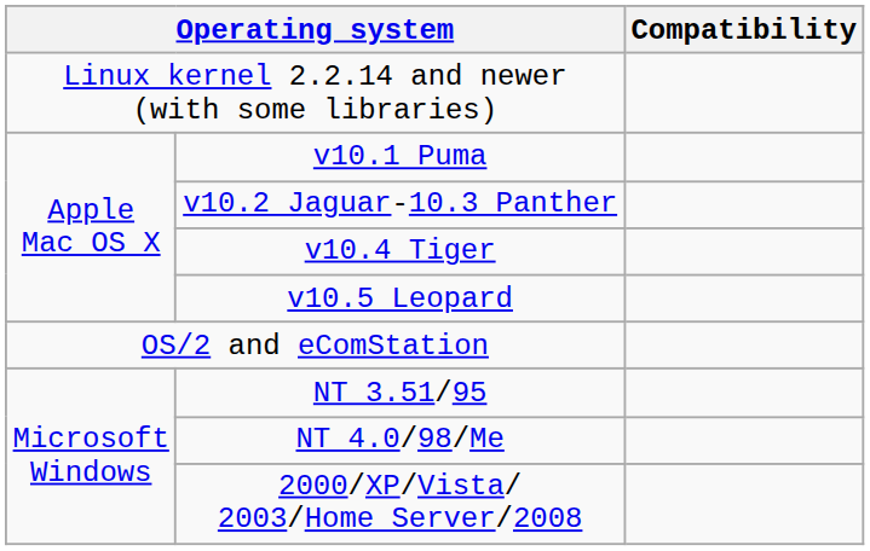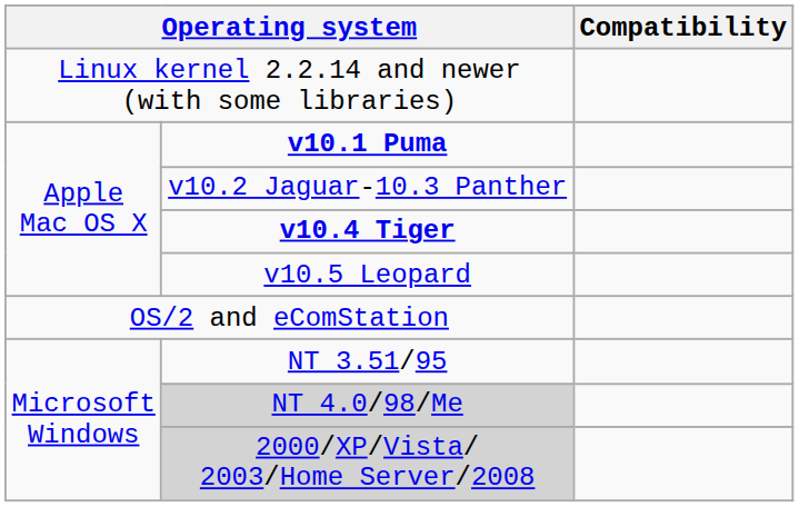 <table class ="wikitable" style="text-align:center">
 <tr>
 <th colspan="2"><a href='#'>Operating system</a></th>
 <th>Compatibility</th>
 </tr>
 <tr>
 <td colspan="2"><a href='#'>Linux kernel</a> 2.2.14 and newer<br>(with some libraries)</td>
 <td></td>
 </tr>
 <tr>
 <td rowspan="4"><a href='#'>Apple</a> <br><a href='#'>Mac OS X</a></td>
-<td><a href='#'>v10.1 Puma</a></td>
+<td><strong><a href='#'>v10.1 Puma</a></strong></td>
 <td></td>
 </tr>
 <tr>
 <td><a href='#'>v10.2 Jaguar</a>-<a href='#'>10.3 Panther</a></td>
 <td></td>
 </tr>
 <tr>
-<td><a href='#'>v10.4 Tiger</a></td>
+<td><strong><a href='#'>v10.4 Tiger</a></strong></td>
 <td></td>
 </tr>
 <tr>
 <td><a href='#'>v10.5 Leopard</a></td>
 <td></td>
 </tr>
 <tr>
 <td colspan="2"><a href='#'>OS/2</a> and <a href='#'>eComStation</a></td>
 <td></td>
 </tr>
 <tr>
 <td rowspan="3"><a href='#'>Microsoft</a> <br><a href='#'>Windows</a></td>
 <td><a href='#'>NT 3.51</a>/<a href='#'>95</a></td>
 <td></td>
 </tr>
 <tr>
-<td><a href='#'>NT 4.0</a>/<a href='#'>98</a>/<a href='#'>Me</a></td>
+<td style="background: lightgrey;"><a href='#'>NT 4.0</a>/<a href='#'>98</a>/<a href='#'>Me</a></td>
 <td></td>
 </tr>
 <tr>
-<td><a href='#'>2000</a>/<a href='#'>XP</a>/<a href='#'>Vista</a>/<br><a href='#'>2003</a>/<a href='#'>Home Server</a>/<a href='#'>2008</a></td>
+<td style="background: lightgrey;"><a href='#'>2000</a>/<a href='#'>XP</a>/<a href='#'>Vista</a>/<br><a href='#'>2003</a>/<a href='#'>Home Server</a>/<a href='#'>2008</a></td>
 <td></td>
 </tr>
 </table>
